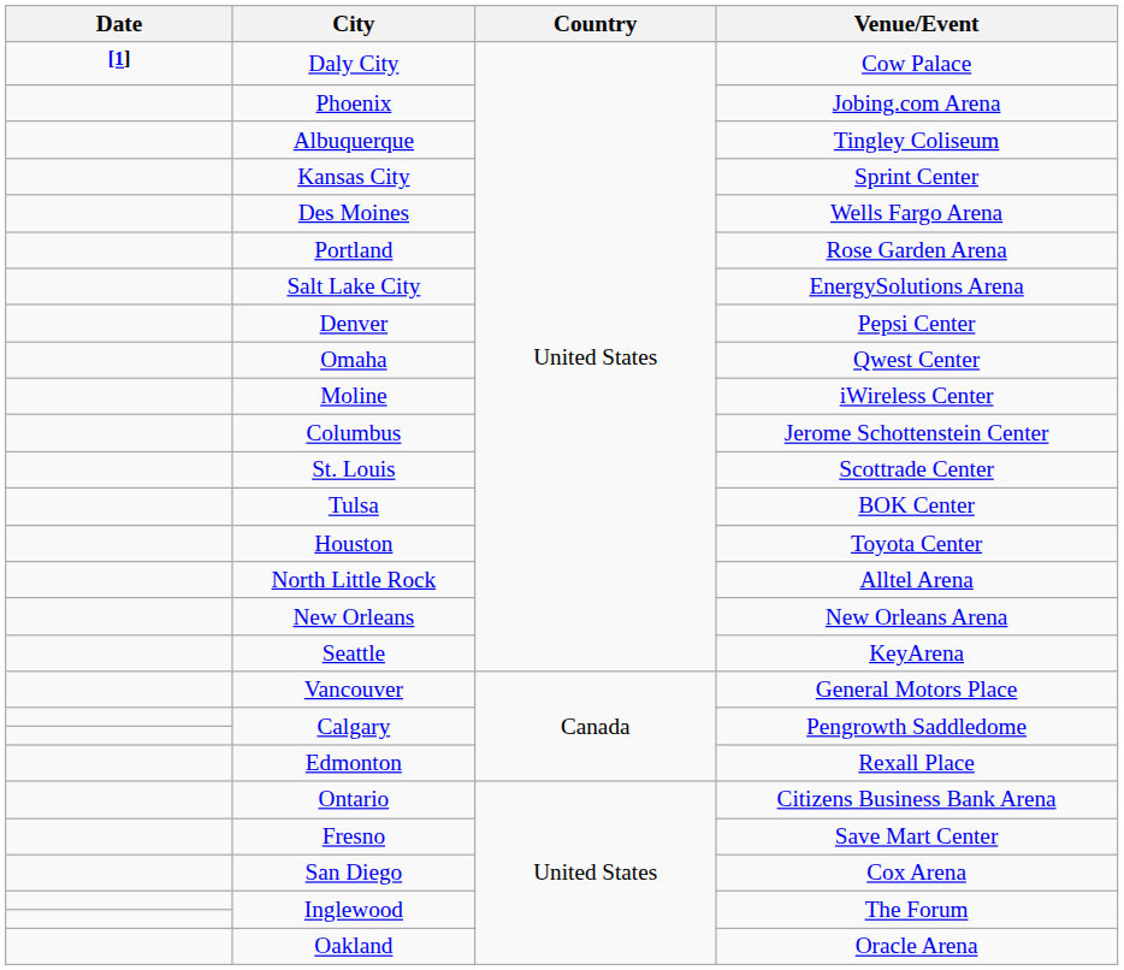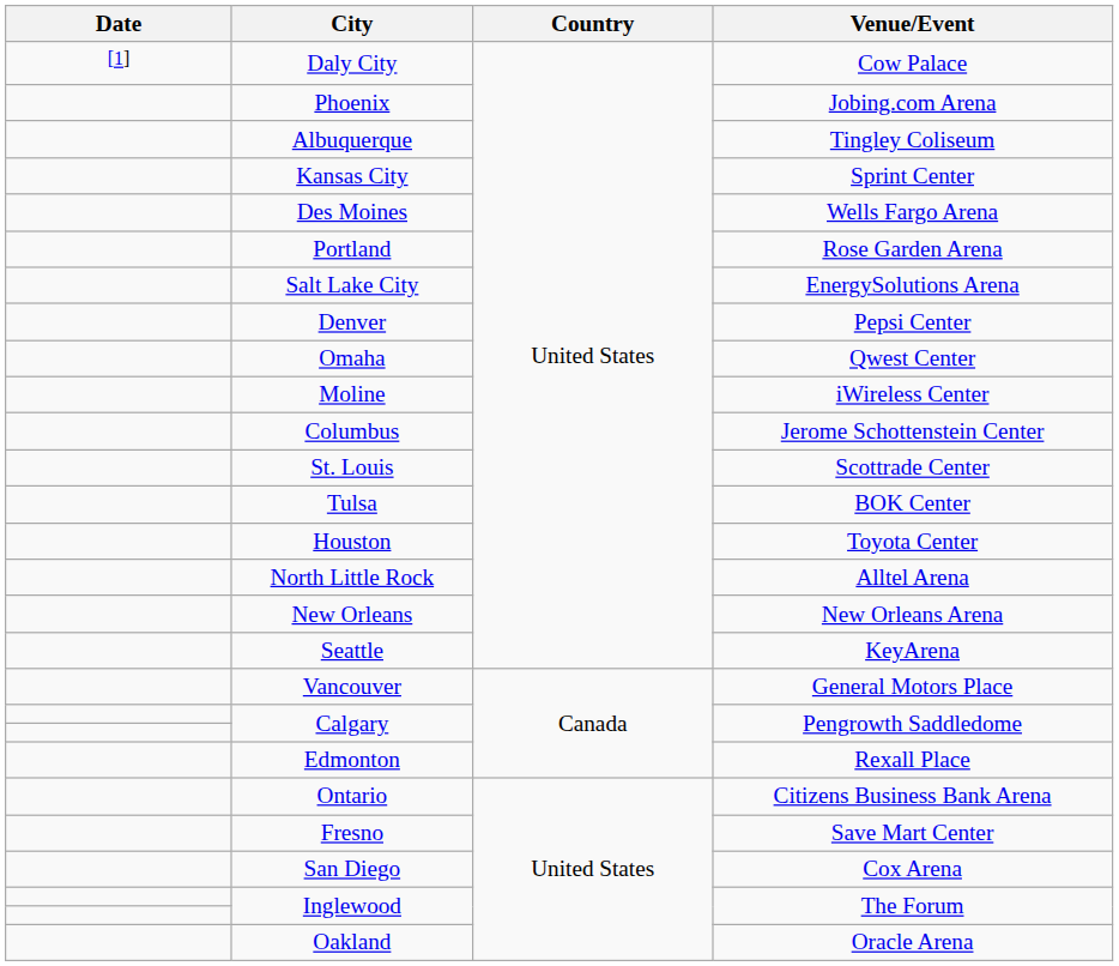 <table class="wikitable plainrowheaders" style="text-align:center;">
 <tr>
 <th style="width:150px;">Date</th>
 <th style="width:160px;">City</th>
 <th style="width:160px;">Country</th>
 <th style="width:270px;">Venue/Event</th>
 </tr>
 <tr>
-<td><strong> <sup><a href='#'>[1</a>]</sup></strong></td>
+<td> <sup><a href='#'>[1</a>]</sup></td>
 <td><a href='#'>Daly City</a></td>
 <td rowspan="17">United States</td>
 <td><a href='#'>Cow Palace</a></td>
 </tr>
 <tr>
 <td></td>
 <td><a href='#'>Phoenix</a></td>
 <td><a href='#'>Jobing.com Arena</a></td>
 </tr>
 <tr>
 <td></td>
 <td><a href='#'>Albuquerque</a></td>
 <td><a href='#'>Tingley Coliseum</a></td>
 </tr>
 <tr>
 <td></td>
 <td><a href='#'>Kansas City</a></td>
 <td><a href='#'>Sprint Center</a></td>
 </tr>
 <tr>
 <td></td>
 <td><a href='#'>Des Moines</a></td>
 <td><a href='#'>Wells Fargo Arena</a></td>
 </tr>
 <tr>
 <td></td>
 <td><a href='#'>Portland</a></td>
 <td><a href='#'>Rose Garden Arena</a></td>
 </tr>
 <tr>
 <td></td>
 <td><a href='#'>Salt Lake City</a></td>
 <td><a href='#'>EnergySolutions Arena</a></td>
 </tr>
 <tr>
 <td></td>
 <td><a href='#'>Denver</a></td>
 <td><a href='#'>Pepsi Center</a></td>
 </tr>
 <tr>
 <td></td>
 <td><a href='#'>Omaha</a></td>
 <td><a href='#'>Qwest Center</a></td>
 </tr>
 <tr>
 <td></td>
 <td><a href='#'>Moline</a></td>
 <td><a href='#'>iWireless Center</a></td>
 </tr>
 <tr>
 <td></td>
 <td><a href='#'>Columbus</a></td>
 <td><a href='#'>Jerome Schottenstein Center</a></td>
 </tr>
 <tr>
 <td></td>
 <td><a href='#'>St. Louis</a></td>
 <td><a href='#'>Scottrade Center</a></td>
 </tr>
 <tr>
 <td></td>
 <td><a href='#'>Tulsa</a></td>
 <td><a href='#'>BOK Center</a></td>
 </tr>
 <tr>
 <td></td>
 <td><a href='#'>Houston</a></td>
 <td><a href='#'>Toyota Center</a></td>
 </tr>
 <tr>
 <td></td>
 <td><a href='#'>North Little Rock</a></td>
 <td><a href='#'>Alltel Arena</a></td>
 </tr>
 <tr>
 <td></td>
 <td><a href='#'>New Orleans</a></td>
 <td><a href='#'>New Orleans Arena</a></td>
 </tr>
 <tr>
 <td></td>
 <td><a href='#'>Seattle</a></td>
 <td><a href='#'>KeyArena</a></td>
 </tr>
 <tr>
 <td></td>
 <td><a href='#'>Vancouver</a></td>
 <td rowspan="4">Canada</td>
 <td><a href='#'>General Motors Place</a></td>
 </tr>
 <tr>
 <td></td>
 <td rowspan="2"><a href='#'>Calgary</a></td>
 <td rowspan="2"><a href='#'>Pengrowth Saddledome</a></td>
 </tr>
 <tr>
 <td></td>
 </tr>
 <tr>
 <td></td>
 <td><a href='#'>Edmonton</a></td>
 <td><a href='#'>Rexall Place</a></td>
 </tr>
 <tr>
 <td></td>
 <td><a href='#'>Ontario</a></td>
 <td rowspan="6">United States</td>
 <td><a href='#'>Citizens Business Bank Arena</a></td>
 </tr>
 <tr>
 <td></td>
 <td><a href='#'>Fresno</a></td>
 <td><a href='#'>Save Mart Center</a></td>
 </tr>
 <tr>
 <td></td>
 <td><a href='#'>San Diego</a></td>
 <td><a href='#'>Cox Arena</a></td>
 </tr>
 <tr>
 <td></td>
 <td rowspan="2"><a href='#'>Inglewood</a></td>
 <td rowspan="2"><a href='#'>The Forum</a></td>
 </tr>
 <tr>
 <td></td>
 </tr>
 <tr>
 <td></td>
 <td><a href='#'>Oakland</a></td>
 <td><a href='#'>Oracle Arena</a></td>
 </tr>
 </table>
